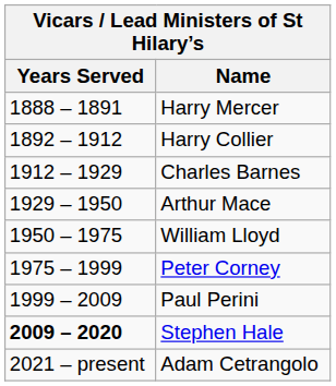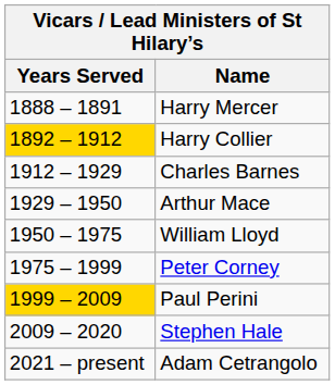 <table class="wikitable">
 <tr>
 <th colspan=4 width=250>Vicars / Lead Ministers of St Hilary’s</th>
 </tr>
 <tr>
 <th>Years Served</th>
 <th>Name</th>
 </tr>
 <tr>
 <td>1888 – 1891</td>
 <td>Harry Mercer</td>
 </tr>
 <tr>
-<td>1892 – 1912</td>
+<td style="background: gold;">1892 – 1912</td>
 <td>Harry Collier</td>
 </tr>
 <tr>
 <td>1912 – 1929</td>
 <td>Charles Barnes</td>
 </tr>
 <tr>
 <td>1929 – 1950</td>
 <td>Arthur Mace</td>
 </tr>
 <tr>
 <td>1950 – 1975</td>
 <td>William Lloyd</td>
 </tr>
 <tr>
 <td>1975 – 1999</td>
 <td><a href='#'>Peter Corney</a></td>
 </tr>
 <tr>
-<td>1999 – 2009</td>
+<td style="background: gold;">1999 – 2009</td>
 <td>Paul Perini</td>
 </tr>
 <tr>
-<td><strong>2009 – 2020</strong></td>
+<td>2009 – 2020</td>
 <td><a href='#'>Stephen Hale</a></td>
 </tr>
 <tr>
 <td>2021 – present</td>
 <td>Adam Cetrangolo</td>
 </tr>
 </table>
